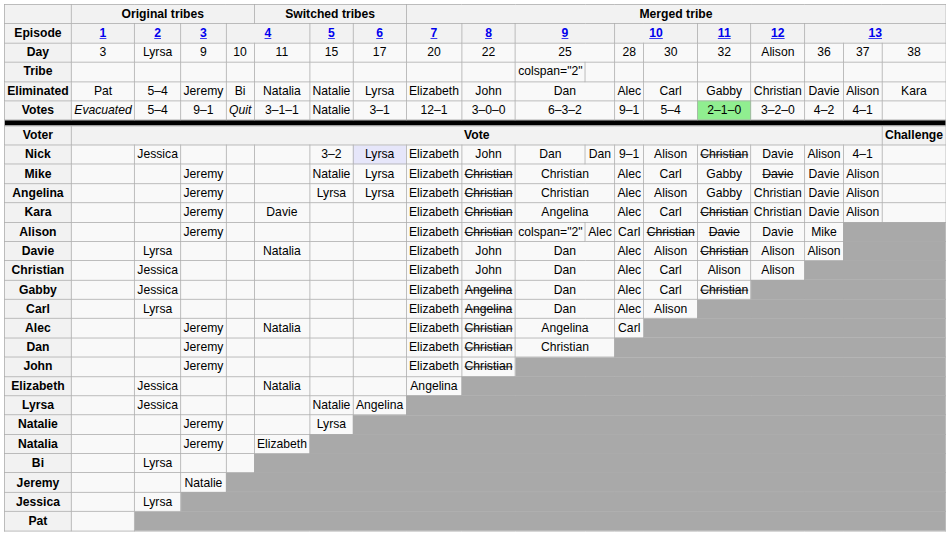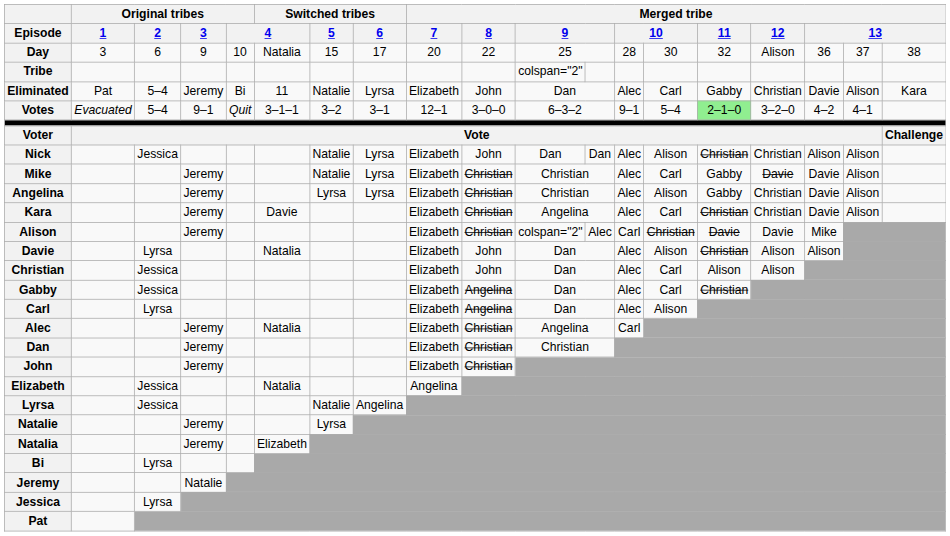 <table class="wikitable" width=100% style="text-align:center;">
 <tr>
 <th></th>
 <th colspan="4">Original tribes</th>
 <th colspan="3">Switched tribes</th>
 <th colspan="12">Merged tribe</th>
 </tr>
 <tr>
 <th>Episode</th>
 <th><a href='#'>1</a></th>
 <th><a href='#'>2</a></th>
 <th><a href='#'>3</a></th>
 <th colspan=2><a href='#'>4</a></th>
 <th><a href='#'>5</a></th>
 <th><a href='#'>6</a></th>
 <th><a href='#'>7</a></th>
 <th><a href='#'>8</a></th>
 <th colspan=2><a href='#'>9</a></th>
 <th colspan=2><a href='#'>10</a></th>
 <th><a href='#'>11</a></th>
 <th><a href='#'>12</a></th>
 <th colspan=3><a href='#'>13</a></th>
 </tr>
 <tr>
 <th>Day</th>
 <td>3</td>
-<td>Lyrsa</td>
+<td>6</td>
 <td>9</td>
 <td>10</td>
-<td>11</td>
+<td>Natalia</td>
 <td>15</td>
 <td>17</td>
 <td>20</td>
 <td>22</td>
 <td colspan="2">25</td>
 <td>28</td>
 <td>30</td>
 <td>32</td>
 <td>Alison</td>
 <td>36</td>
 <td>37</td>
 <td>38</td>
 </tr>
 <tr>
 <th>Tribe</th>
 <td></td>
 <td></td>
 <td></td>
 <td></td>
 <td></td>
 <td></td>
 <td></td>
 <td></td>
 <td></td>
 <td>colspan="2" </td>
 <td></td>
 <td></td>
 <td></td>
 <td></td>
 <td></td>
 <td></td>
 <td></td>
 </tr>
 <tr>
 <th>Eliminated</th>
 <td>Pat</td>
 <td>5–4</td>
 <td>Jeremy</td>
 <td>Bi</td>
-<td>Natalia</td>
+<td>11</td>
 <td>Natalie</td>
 <td>Lyrsa</td>
 <td>Elizabeth</td>
 <td>John</td>
 <td colspan="2">Dan</td>
 <td>Alec</td>
 <td>Carl</td>
 <td>Gabby</td>
 <td>Christian</td>
 <td>Davie</td>
 <td>Alison</td>
 <td>Kara</td>
 </tr>
 <tr>
 <th>Votes</th>
 <td><em>Evacuated</em></td>
 <td>5–4</td>
 <td>9–1</td>
 <td><em>Quit</em></td>
 <td>3–1–1</td>
-<td>Natalie</td>
+<td>3–2</td>
 <td>3–1</td>
 <td>12–1</td>
 <td>3–0–0</td>
 <td colspan="2">6–3–2</td>
 <td>9–1</td>
 <td>5–4</td>
 <td style="background: lightgreen;">2–1–0</td>
 <td>3–2–0</td>
 <td>4–2</td>
 <td>4–1</td>
 <td></td>
 </tr>
 <tr>
 <th colspan="19" style="background:black;"></th>
 </tr>
 <tr>
 <th>Voter</th>
 <th colspan="17">Vote</th>
 <th>Challenge</th>
 </tr>
 <tr>
 <th>Nick</th>
 <td></td>
 <td>Jessica</td>
 <td></td>
 <td></td>
 <td></td>
-<td>3–2</td>
-<td style="background: lavender;">Lyrsa</td>
+<td>Natalie</td>
+<td>Lyrsa</td>
 <td>Elizabeth</td>
 <td>John</td>
 <td>Dan</td>
 <td>Dan</td>
-<td>9–1</td>
+<td>Alec</td>
 <td>Alison</td>
 <td><s>Christian</s></td>
-<td>Davie</td>
+<td>Christian</td>
 <td>Alison</td>
-<td>4–1</td>
+<td>Alison</td>
 <td></td>
 </tr>
 <tr>
 <th>Mike</th>
 <td></td>
 <td></td>
 <td>Jeremy</td>
 <td></td>
 <td></td>
 <td>Natalie</td>
 <td>Lyrsa</td>
 <td>Elizabeth</td>
 <td><s>Christian</s></td>
 <td colspan="2">Christian</td>
 <td>Alec</td>
 <td>Carl</td>
 <td>Gabby</td>
 <td><s>Davie</s></td>
 <td>Davie</td>
 <td>Alison</td>
 <td></td>
 </tr>
 <tr>
 <th>Angelina</th>
 <td></td>
 <td></td>
 <td>Jeremy</td>
 <td></td>
 <td></td>
 <td>Lyrsa</td>
 <td>Lyrsa</td>
 <td>Elizabeth</td>
 <td><s>Christian</s></td>
 <td colspan="2">Christian</td>
 <td>Alec</td>
 <td>Alison</td>
 <td>Gabby</td>
 <td>Christian</td>
 <td>Davie</td>
 <td>Alison</td>
 <td></td>
 </tr>
 <tr>
 <th>Kara</th>
 <td></td>
 <td></td>
 <td>Jeremy</td>
 <td></td>
 <td>Davie</td>
 <td></td>
 <td></td>
 <td>Elizabeth</td>
 <td><s>Christian</s></td>
 <td colspan="2">Angelina</td>
 <td>Alec</td>
 <td>Carl</td>
 <td><s>Christian</s></td>
 <td>Christian</td>
 <td>Davie</td>
 <td>Alison</td>
 <td></td>
 </tr>
 <tr>
 <th>Alison</th>
 <td></td>
 <td></td>
 <td>Jeremy</td>
 <td></td>
 <td></td>
 <td></td>
 <td></td>
 <td>Elizabeth</td>
 <td><s>Christian</s></td>
 <td>colspan="2" </td>
 <td>Alec</td>
 <td>Carl</td>
 <td><s>Christian</s></td>
 <td><s>Davie</s></td>
 <td>Davie</td>
 <td>Mike</td>
 <td colspan="6" style="background:darkgrey;"></td>
 </tr>
 <tr>
 <th>Davie</th>
 <td></td>
 <td>Lyrsa</td>
 <td></td>
 <td></td>
 <td>Natalia</td>
 <td></td>
 <td></td>
 <td>Elizabeth</td>
 <td>John</td>
 <td colspan="2">Dan</td>
 <td>Alec</td>
 <td>Alison</td>
 <td><s>Christian</s></td>
 <td>Alison</td>
 <td>Alison</td>
 <td colspan="6" style="background:darkgrey;"></td>
 </tr>
 <tr>
 <th>Christian</th>
 <td></td>
 <td>Jessica</td>
 <td></td>
 <td></td>
 <td></td>
 <td></td>
 <td></td>
 <td>Elizabeth</td>
 <td>John</td>
 <td colspan="2">Dan</td>
 <td>Alec</td>
 <td>Carl</td>
 <td>Alison</td>
 <td>Alison</td>
 <td colspan="7" style="background:darkgrey;"></td>
 </tr>
 <tr>
 <th>Gabby</th>
 <td></td>
 <td>Jessica</td>
 <td></td>
 <td></td>
 <td></td>
 <td></td>
 <td></td>
 <td>Elizabeth</td>
 <td><s>Angelina</s></td>
 <td colspan="2">Dan</td>
 <td>Alec</td>
 <td>Carl</td>
 <td><s>Christian</s></td>
 <td colspan="8" style="background:darkgrey;"></td>
 </tr>
 <tr>
 <th>Carl</th>
 <td></td>
 <td>Lyrsa</td>
 <td></td>
 <td></td>
 <td></td>
 <td></td>
 <td></td>
 <td>Elizabeth</td>
 <td><s>Angelina</s></td>
 <td colspan="2">Dan</td>
 <td>Alec</td>
 <td>Alison</td>
 <td colspan="9" style="background:darkgrey;"></td>
 </tr>
 <tr>
 <th>Alec</th>
 <td></td>
 <td></td>
 <td>Jeremy</td>
 <td></td>
 <td>Natalia</td>
 <td></td>
 <td></td>
 <td>Elizabeth</td>
 <td><s>Christian</s></td>
 <td colspan="2">Angelina</td>
 <td>Carl</td>
 <td colspan="10" style="background:darkgrey;"></td>
 </tr>
 <tr>
 <th>Dan</th>
 <td></td>
 <td></td>
 <td>Jeremy</td>
 <td></td>
 <td></td>
 <td></td>
 <td></td>
 <td>Elizabeth</td>
 <td><s>Christian</s></td>
 <td colspan="2">Christian</td>
 <td colspan="11" style="background:darkgrey;"></td>
 </tr>
 <tr>
 <th>John</th>
 <td></td>
 <td></td>
 <td>Jeremy</td>
 <td></td>
 <td></td>
 <td></td>
 <td></td>
 <td>Elizabeth</td>
 <td><s>Christian</s></td>
 <td colspan="12" style="background:darkgrey;"></td>
 </tr>
 <tr>
 <th>Elizabeth</th>
 <td></td>
 <td>Jessica</td>
 <td></td>
 <td></td>
 <td>Natalia</td>
 <td></td>
 <td></td>
 <td>Angelina</td>
 <td colspan="13" style="background:darkgrey;"></td>
 </tr>
 <tr>
 <th>Lyrsa</th>
 <td></td>
 <td>Jessica</td>
 <td></td>
 <td></td>
 <td></td>
 <td>Natalie</td>
 <td>Angelina</td>
 <td colspan="14" style="background:darkgrey;"></td>
 </tr>
 <tr>
 <th>Natalie</th>
 <td></td>
 <td></td>
 <td>Jeremy</td>
 <td></td>
 <td></td>
 <td>Lyrsa</td>
 <td colspan="15" style="background:darkgrey;"></td>
 </tr>
 <tr>
 <th>Natalia</th>
 <td></td>
 <td></td>
 <td>Jeremy</td>
 <td></td>
 <td>Elizabeth</td>
 <td colspan="16" style="background:darkgrey;"></td>
 </tr>
 <tr>
 <th>Bi</th>
 <td></td>
 <td>Lyrsa</td>
 <td></td>
 <td></td>
 <td colspan="17" style="background:darkgrey;"></td>
 </tr>
 <tr>
 <th>Jeremy</th>
 <td></td>
 <td></td>
 <td>Natalie</td>
 <td colspan="18" style="background:darkgrey;"></td>
 </tr>
 <tr>
 <th>Jessica</th>
 <td></td>
 <td>Lyrsa</td>
 <td colspan="19" style="background:darkgrey;"></td>
 </tr>
 <tr>
 <th>Pat</th>
 <td></td>
 <td colspan="20" style="background:darkgrey;"></td>
 </tr>
 </table>
